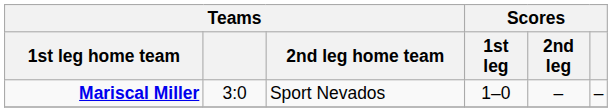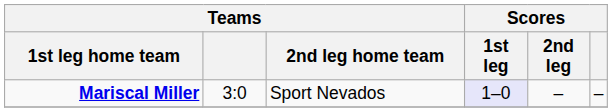 <table class="wikitable" style="text-align: center;">
 <tr>
 <th colspan=3>Teams</th>
 <th colspan=3>Scores</th>
 </tr>
 <tr>
 <th width="175">1st leg home team</th>
 <th width="50"></th>
 <th width="175">2nd leg home team</th>
 <th width="50">1st leg</th>
 <th width="50">2nd leg</th>
 <th></th>
 </tr>
 <tr>
 <td align=right><strong><a href='#'>Mariscal Miller</a></strong></td>
 <td>3:0</td>
 <td align=left>Sport Nevados</td>
-<td>1–0</td>
+<td style="background: lavender;">1–0</td>
 <td>–</td>
 <td>–</td>
 </tr>
 <tr>
 </tr>
 </table>
